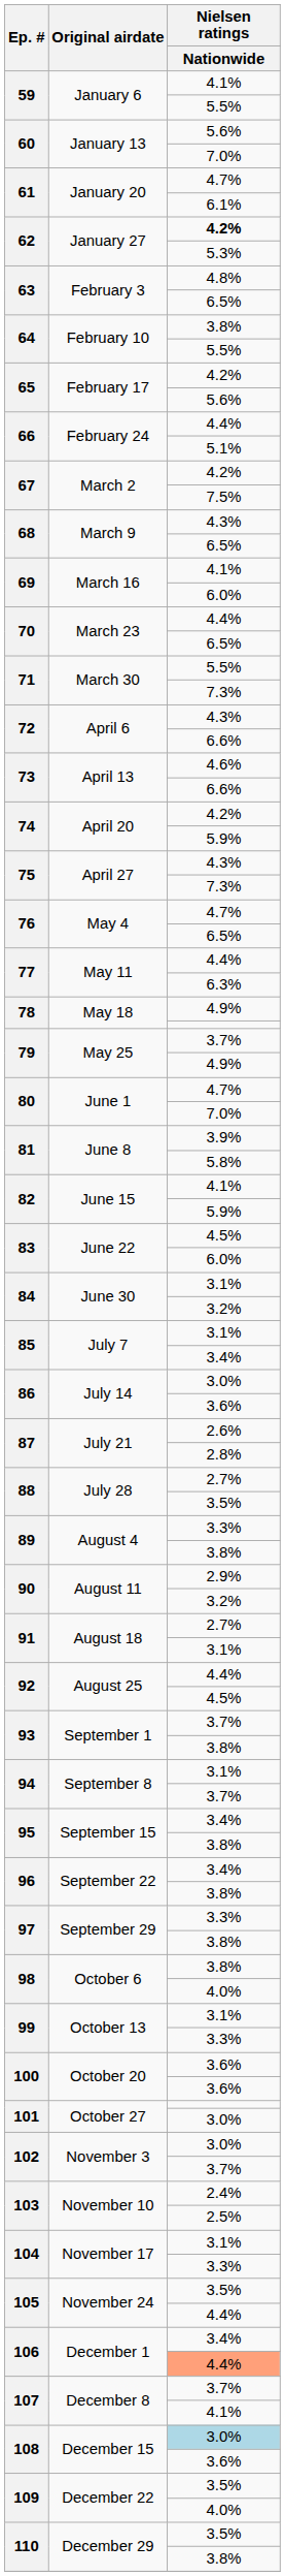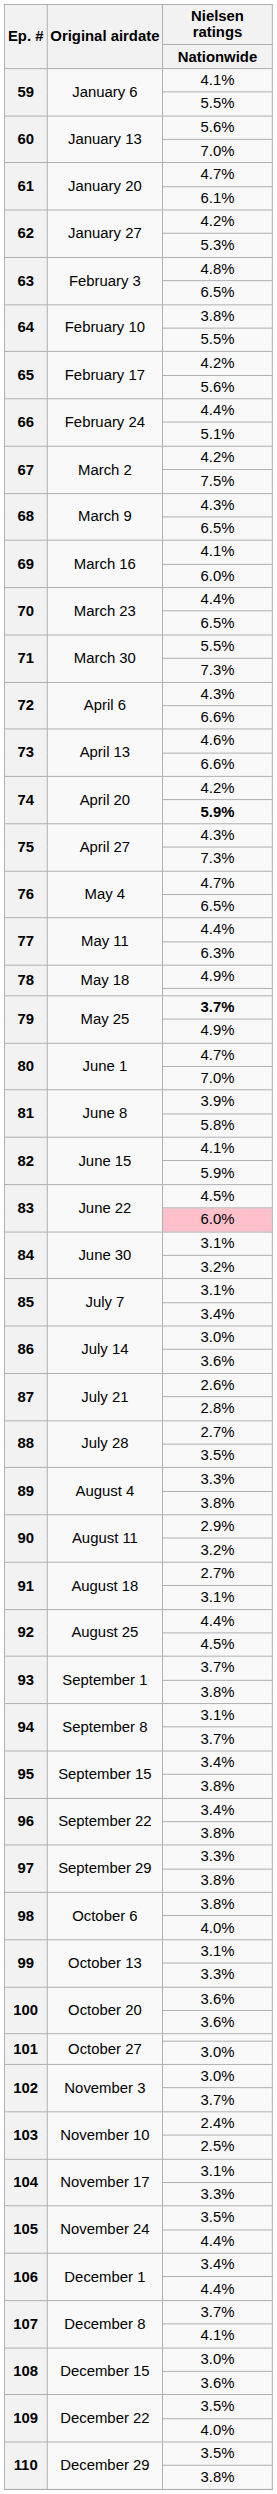 <table class="wikitable" style="text-align:center;">
 <tr>
 <th rowspan=2style= width:40px;>Ep. #</th>
 <th rowspan=2style=width:135px;>Original airdate</th>
 <th width=110><strong>Nielsen ratings</strong></th>
 </tr>
 <tr>
 <th><strong>Nationwide</strong></th>
 </tr>
 <tr>
 <th rowspan=2>59</th>
 <td rowspan=2>January 6</td>
 <td>4.1%</td>
 </tr>
 <tr>
 <td>5.5%</td>
 </tr>
 <tr>
 <th rowspan=2>60</th>
 <td rowspan=2>January 13</td>
 <td>5.6%</td>
 </tr>
 <tr>
 <td>7.0%</td>
 </tr>
 <tr>
 <th rowspan=2>61</th>
 <td rowspan=2>January 20</td>
 <td>4.7%</td>
 </tr>
 <tr>
 <td>6.1%</td>
 </tr>
 <tr>
 <th rowspan=2>62</th>
 <td rowspan=2>January 27</td>
-<td><strong>4.2%</strong></td>
+<td>4.2%</td>
 </tr>
 <tr>
 <td>5.3%</td>
 </tr>
 <tr>
 <th rowspan=2>63</th>
 <td rowspan=2>February 3</td>
 <td>4.8%</td>
 </tr>
 <tr>
 <td>6.5%</td>
 </tr>
 <tr>
 <th rowspan=2>64</th>
 <td rowspan=2>February 10</td>
 <td>3.8%</td>
 </tr>
 <tr>
 <td>5.5%</td>
 </tr>
 <tr>
 <th rowspan=2>65</th>
 <td rowspan=2>February 17</td>
 <td>4.2%</td>
 </tr>
 <tr>
 <td>5.6%</td>
 </tr>
 <tr>
 <th rowspan=2>66</th>
 <td rowspan=2>February 24</td>
 <td>4.4%</td>
 </tr>
 <tr>
 <td>5.1%</td>
 </tr>
 <tr>
 <th rowspan=2>67</th>
 <td rowspan=2>March 2</td>
 <td>4.2%</td>
 </tr>
 <tr>
 <td>7.5%</td>
 </tr>
 <tr>
 <th rowspan=2>68</th>
 <td rowspan=2>March 9</td>
 <td>4.3%</td>
 </tr>
 <tr>
 <td>6.5%</td>
 </tr>
 <tr>
 <th rowspan=2>69</th>
 <td rowspan=2>March 16</td>
 <td>4.1%</td>
 </tr>
 <tr>
 <td>6.0%</td>
 </tr>
 <tr>
 <th rowspan=2>70</th>
 <td rowspan=2>March 23</td>
 <td>4.4%</td>
 </tr>
 <tr>
 <td>6.5%</td>
 </tr>
 <tr>
 <th rowspan=2>71</th>
 <td rowspan=2>March 30</td>
 <td>5.5%</td>
 </tr>
 <tr>
 <td>7.3%</td>
 </tr>
 <tr>
 <th rowspan=2>72</th>
 <td rowspan=2>April 6</td>
 <td>4.3%</td>
 </tr>
 <tr>
 <td>6.6%</td>
 </tr>
 <tr>
 <th rowspan=2>73</th>
 <td rowspan=2>April 13</td>
 <td>4.6%</td>
 </tr>
 <tr>
 <td>6.6%</td>
 </tr>
 <tr>
 <th rowspan=2>74</th>
 <td rowspan=2>April 20</td>
 <td>4.2%</td>
 </tr>
 <tr>
-<td>5.9%</td>
+<td><strong>5.9%</strong></td>
 </tr>
 <tr>
 <th rowspan=2>75</th>
 <td rowspan=2>April 27</td>
 <td>4.3%</td>
 </tr>
 <tr>
 <td>7.3%</td>
 </tr>
 <tr>
 <th rowspan=2>76</th>
 <td rowspan=2>May 4</td>
 <td>4.7%</td>
 </tr>
 <tr>
 <td>6.5%</td>
 </tr>
 <tr>
 <th rowspan=2>77</th>
 <td rowspan=2>May 11</td>
 <td>4.4%</td>
 </tr>
 <tr>
 <td>6.3%</td>
 </tr>
 <tr>
 <th rowspan=2>78</th>
 <td rowspan=2>May 18</td>
 <td>4.9%</td>
 </tr>
 <tr>
 <td></td>
 </tr>
 <tr>
 <th rowspan=2>79</th>
 <td rowspan=2>May 25</td>
-<td>3.7%</td>
+<td><strong>3.7%</strong></td>
 </tr>
 <tr>
 <td>4.9%</td>
 </tr>
 <tr>
 <th rowspan=2>80</th>
 <td rowspan=2>June 1</td>
 <td>4.7%</td>
 </tr>
 <tr>
 <td>7.0%</td>
 </tr>
 <tr>
 <th rowspan=2>81</th>
 <td rowspan=2>June 8</td>
 <td>3.9%</td>
 </tr>
 <tr>
 <td>5.8%</td>
 </tr>
 <tr>
 <th rowspan=2>82</th>
 <td rowspan=2>June 15</td>
 <td>4.1%</td>
 </tr>
 <tr>
 <td>5.9%</td>
 </tr>
 <tr>
 <th rowspan=2>83</th>
 <td rowspan=2>June 22</td>
 <td>4.5%</td>
 </tr>
 <tr>
-<td>6.0%</td>
+<td style="background: pink;">6.0%</td>
 </tr>
 <tr>
 <th rowspan=2>84</th>
 <td rowspan=2>June 30</td>
 <td>3.1%</td>
 </tr>
 <tr>
 <td>3.2%</td>
 </tr>
 <tr>
 <th rowspan=2>85</th>
 <td rowspan=2>July 7</td>
 <td>3.1%</td>
 </tr>
 <tr>
 <td>3.4%</td>
 </tr>
 <tr>
 <th rowspan=2>86</th>
 <td rowspan=2>July 14</td>
 <td>3.0%</td>
 </tr>
 <tr>
 <td>3.6%</td>
 </tr>
 <tr>
 <th rowspan=2>87</th>
 <td rowspan=2>July 21</td>
 <td>2.6%</td>
 </tr>
 <tr>
 <td>2.8%</td>
 </tr>
 <tr>
 <th rowspan=2>88</th>
 <td rowspan=2>July 28</td>
 <td>2.7%</td>
 </tr>
 <tr>
 <td>3.5%</td>
 </tr>
 <tr>
 <th rowspan=2>89</th>
 <td rowspan=2>August 4</td>
 <td>3.3%</td>
 </tr>
 <tr>
 <td>3.8%</td>
 </tr>
 <tr>
 <th rowspan=2>90</th>
 <td rowspan=2>August 11</td>
 <td>2.9%</td>
 </tr>
 <tr>
 <td>3.2%</td>
 </tr>
 <tr>
 <th rowspan=2>91</th>
 <td rowspan=2>August 18</td>
 <td>2.7%</td>
 </tr>
 <tr>
 <td>3.1%</td>
 </tr>
 <tr>
 <th rowspan=2>92</th>
 <td rowspan=2>August 25</td>
 <td>4.4%</td>
 </tr>
 <tr>
 <td>4.5%</td>
 </tr>
 <tr>
 <th rowspan=2>93</th>
 <td rowspan=2>September 1</td>
 <td>3.7%</td>
 </tr>
 <tr>
 <td>3.8%</td>
 </tr>
 <tr>
 <th rowspan=2>94</th>
 <td rowspan=2>September 8</td>
 <td>3.1%</td>
 </tr>
 <tr>
 <td>3.7%</td>
 </tr>
 <tr>
 <th rowspan=2>95</th>
 <td rowspan=2>September 15</td>
 <td>3.4%</td>
 </tr>
 <tr>
 <td>3.8%</td>
 </tr>
 <tr>
 <th rowspan=2>96</th>
 <td rowspan=2>September 22</td>
 <td>3.4%</td>
 </tr>
 <tr>
 <td>3.8%</td>
 </tr>
 <tr>
 <th rowspan=2>97</th>
 <td rowspan=2>September 29</td>
 <td>3.3%</td>
 </tr>
 <tr>
 <td>3.8%</td>
 </tr>
 <tr>
 <th rowspan=2>98</th>
 <td rowspan=2>October 6</td>
 <td>3.8%</td>
 </tr>
 <tr>
 <td>4.0%</td>
 </tr>
 <tr>
 <th rowspan=2>99</th>
 <td rowspan=2>October 13</td>
 <td>3.1%</td>
 </tr>
 <tr>
 <td>3.3%</td>
 </tr>
 <tr>
 <th rowspan=2>100</th>
 <td rowspan=2>October 20</td>
 <td>3.6%</td>
 </tr>
 <tr>
 <td>3.6%</td>
 </tr>
 <tr>
 <th rowspan=2>101</th>
 <td rowspan=2>October 27</td>
 <td></td>
 </tr>
 <tr>
 <td>3.0%</td>
 </tr>
 <tr>
 <th rowspan=2>102</th>
 <td rowspan=2>November 3</td>
 <td>3.0%</td>
 </tr>
 <tr>
 <td>3.7%</td>
 </tr>
 <tr>
 <th rowspan=2>103</th>
 <td rowspan=2>November 10</td>
 <td>2.4%</td>
 </tr>
 <tr>
 <td>2.5%</td>
 </tr>
 <tr>
 <th rowspan=2>104</th>
 <td rowspan=2>November 17</td>
 <td>3.1%</td>
 </tr>
 <tr>
 <td>3.3%</td>
 </tr>
 <tr>
 <th rowspan=2>105</th>
 <td rowspan=2>November 24</td>
 <td>3.5%</td>
 </tr>
 <tr>
 <td>4.4%</td>
 </tr>
 <tr>
 <th rowspan=2>106</th>
 <td rowspan=2>December 1</td>
 <td>3.4%</td>
 </tr>
 <tr>
-<td style="background: lightsalmon;">4.4%</td>
+<td>4.4%</td>
 </tr>
 <tr>
 <th rowspan=2>107</th>
 <td rowspan=2>December 8</td>
 <td>3.7%</td>
 </tr>
 <tr>
 <td>4.1%</td>
 </tr>
 <tr>
 <th rowspan=2>108</th>
 <td rowspan=2>December 15</td>
-<td style="background: lightblue;">3.0%</td>
+<td>3.0%</td>
 </tr>
 <tr>
 <td>3.6%</td>
 </tr>
 <tr>
 <th rowspan=2>109</th>
 <td rowspan=2>December 22</td>
 <td>3.5%</td>
 </tr>
 <tr>
 <td>4.0%</td>
 </tr>
 <tr>
 <th rowspan=2>110</th>
 <td rowspan=2>December 29</td>
 <td>3.5%</td>
 </tr>
 <tr>
 <td>3.8%</td>
 </tr>
 <tr>
 </tr>
 </table>
